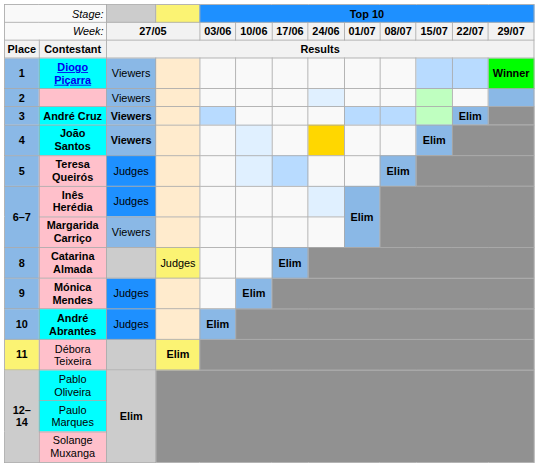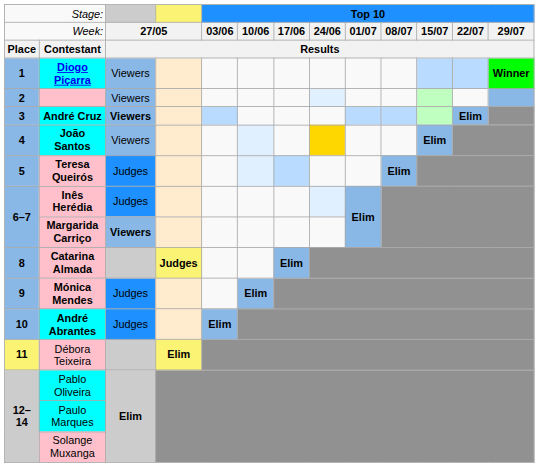 <table class="wikitable" style="margin:1em auto; text-align:center; font-size:80%">
 <tr>
 <td colspan="2" align="right"><em>Stage:</em></td>
 <td style="background:#ccc; text-align:center;"></td>
 <td style="background:#fbf373; text-align:center;"></td>
 <td colspan=9 style="background:#1E90FF; text-align:center;"><strong>Top 10</strong></td>
 </tr>
 <tr>
 <td colspan="2" style="text-align:right;"><em>Week:</em></td>
 <th width="12%" colspan=2>27/05</th>
 <th width="6%">03/06</th>
 <th width="6%">10/06</th>
 <th width="6%">17/06</th>
 <th width="6%">24/06</th>
 <th width="6%">01/07</th>
 <th width="6%">08/07</th>
 <th width="6%">15/07</th>
 <th width="6%">22/07</th>
 <th width="6%">29/07</th>
 </tr>
 <tr>
 <th width="2%">Place</th>
 <th width="8%">Contestant</th>
 <th colspan="12" style="text-align:center;">Results</th>
 </tr>
 <tr>
 <td style="background:#8ab8e6;"><strong>1</strong></td>
 <td style="background:cyan; text-align:center;"><strong><a href='#'>Diogo Piçarra</a></strong></td>
 <td style="background:#8ab8e6;">Viewers</td>
 <td style="background:#FFEBCD;"></td>
 <td style="width:6%"></td>
 <td></td>
 <td></td>
 <td></td>
 <td></td>
 <td></td>
 <td style="background:#b8dbff;"></td>
 <td style="background:#b8dbff;"></td>
 <td style="background:lime;" rowspan="1"><strong>Winner</strong></td>
 </tr>
 <tr>
 <td style="background:#8ab8e6;"><strong>2</strong></td>
 <td style="background:pink; text-align:center;"></td>
 <td style="background:#8ab8e6;">Viewers</td>
 <td style="background:#FFEBCD;"></td>
 <td></td>
 <td></td>
 <td></td>
 <td style="background:#E0F0FF;"></td>
 <td></td>
 <td></td>
 <td style="background:#BFFFC0;"></td>
 <td></td>
 <td style="background:#8ab8e6;"></td>
 </tr>
 <tr>
 <td style="background:#8ab8e6;"><strong>3</strong></td>
 <td style="background:cyan; text-align:center;"><strong>André Cruz</strong></td>
 <td style="background:#8ab8e6;"><strong>Viewers</strong></td>
 <td style="background:#FFEBCD;"></td>
 <td style="background:#b8dbff;"></td>
 <td></td>
 <td></td>
 <td></td>
 <td style="background:#b8dbff;"></td>
 <td style="background:#b8dbff;"></td>
 <td style="background:#BFFFC0;"></td>
 <td style="background:#8ab8e6;"><strong>Elim</strong></td>
 <td bgcolor="#919191" colspan=3></td>
 </tr>
 <tr>
 <td style="background:#8ab8e6;"><strong>4</strong></td>
 <td style="background:cyan; text-align:center;"><strong>João Santos</strong></td>
-<td style="background:#8ab8e6;"><strong>Viewers</strong></td>
+<td style="background:#8ab8e6;">Viewers</td>
 <td style="background:#FFEBCD;"></td>
 <td></td>
 <td style="background:#E0F0FF;"></td>
 <td></td>
 <td style="background:gold;"></td>
 <td></td>
 <td></td>
 <td style="background:#8ab8e6;"><strong>Elim</strong></td>
 <td bgcolor="#919191" colspan=4></td>
 </tr>
 <tr>
 <td style="background:#8ab8e6;"><strong>5</strong></td>
 <td style="background:pink; text-align:center;"><strong>Teresa Queirós</strong></td>
 <td style="background:#1E90FF;">Judges</td>
 <td style="background:#FFEBCD;"></td>
 <td style="width:6%"></td>
 <td style="background:#E0F0FF;"></td>
 <td style="background:#b8dbff;"></td>
 <td></td>
 <td></td>
 <td style="background:#8ab8e6;"><strong>Elim</strong></td>
 <td bgcolor="#919191" colspan=5></td>
 </tr>
 <tr>
 <td rowspan="2" style="background:#8ab8e6;"><strong>6–7</strong></td>
 <td style="background:pink; text-align:center;"><strong>Inês Herédia</strong></td>
 <td style="background:#1E90FF;">Judges</td>
 <td style="background:#FFEBCD;"></td>
 <td></td>
 <td></td>
 <td></td>
 <td style="background:#E0F0FF;"></td>
 <td rowspan="2" style="background:#8ab8e6;"><strong>Elim</strong></td>
 <td rowspan="2" bgcolor="#919191" colspan=6></td>
 </tr>
 <tr>
 <td style="background:pink; text-align:center;"><strong>Margarida Carriço</strong></td>
-<td style="background:#8ab8e6;">Viewers</td>
+<td style="background:#8ab8e6;"><strong>Viewers</strong></td>
 <td style="background:#FFEBCD;"></td>
 <td></td>
 <td></td>
 <td></td>
 <td></td>
 </tr>
 <tr>
 <td style="background:#8ab8e6;"><strong>8</strong></td>
 <td style="background:pink; text-align:center;"><strong>Catarina Almada</strong></td>
 <td style="background:#ccc; text-align:center;"></td>
-<td style="background:#fbf373;">Judges</td>
+<td style="background:#fbf373;"><strong>Judges</strong></td>
 <td></td>
 <td></td>
 <td style="background:#8ab8e6;"><strong>Elim</strong></td>
 <td bgcolor="#919191" colspan=6></td>
 </tr>
 <tr>
 <td style="background:#8ab8e6;"><strong>9</strong></td>
 <td style="background:pink; text-align:center;"><strong>Mónica Mendes</strong></td>
 <td style="background:#1E90FF;">Judges</td>
 <td style="background:#FFEBCD;"></td>
 <td></td>
 <td style="background:#8ab8e6;"><strong>Elim</strong></td>
 <td bgcolor="#919191" colspan=7></td>
 </tr>
 <tr>
 <td style="background:#8ab8e6;"><strong>10</strong></td>
 <td style="background:cyan; text-align:center;"><strong>André Abrantes</strong></td>
 <td style="background:#1E90FF;">Judges</td>
 <td style="background:#FFEBCD;"></td>
 <td style="background:#8ab8e6;"><strong>Elim</strong></td>
 <td bgcolor="#919191" colspan=8></td>
 </tr>
 <tr>
 <td style="background:#fbf373;"><strong>11</strong></td>
 <td style="background:pink; text-align:center;">Débora Teixeira</td>
 <td style="background:#ccc; text-align:center;"></td>
 <td style="background:#fbf373;"><strong>Elim</strong></td>
 <td bgcolor="#919191" colspan=9></td>
 </tr>
 <tr>
 <td style="background:#ccc;" rowspan="3"><strong>12–14</strong></td>
 <td style="background:cyan; text-align:center;">Pablo Oliveira</td>
 <td style="background:#ccc;" rowspan="8"><strong>Elim</strong></td>
 <td bgcolor="#919191" colspan=10 rowspan=3></td>
 </tr>
 <tr>
 <td style="background:cyan; text-align:center;">Paulo Marques</td>
 </tr>
 <tr>
 <td style="background:pink; text-align:center;">Solange Muxanga</td>
 </tr>
 </table>
